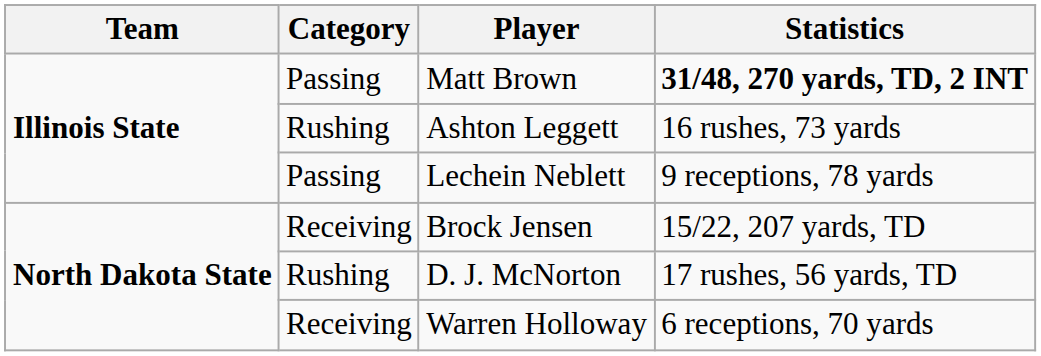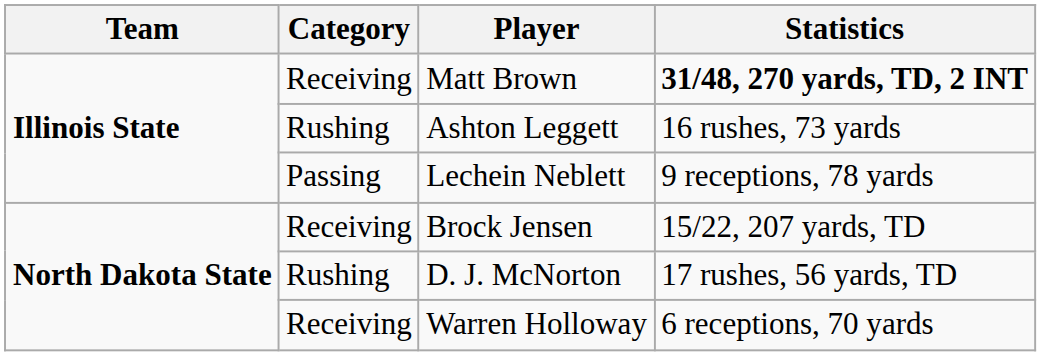 <table class="wikitable" style="float: right;">
 <tr>
 <th>Team</th>
 <th>Category</th>
 <th>Player</th>
 <th>Statistics</th>
 </tr>
 <tr>
 <td rowspan=3><strong>Illinois State</strong></td>
-<td>Passing</td>
+<td>Receiving</td>
 <td>Matt Brown</td>
 <td><strong>31/48, 270 yards, TD, 2 INT</strong></td>
 </tr>
 <tr>
 <td>Rushing</td>
 <td>Ashton Leggett</td>
 <td>16 rushes, 73 yards</td>
 </tr>
 <tr>
 <td>Passing</td>
 <td>Lechein Neblett</td>
 <td>9 receptions, 78 yards</td>
 </tr>
 <tr>
 <td rowspan=3><strong>North Dakota State</strong></td>
 <td>Receiving</td>
 <td>Brock Jensen</td>
 <td>15/22, 207 yards, TD</td>
 </tr>
 <tr>
 <td>Rushing</td>
 <td>D. J. McNorton</td>
 <td>17 rushes, 56 yards, TD</td>
 </tr>
 <tr>
 <td>Receiving</td>
 <td>Warren Holloway</td>
 <td>6 receptions, 70 yards</td>
 </tr>
 </table>
